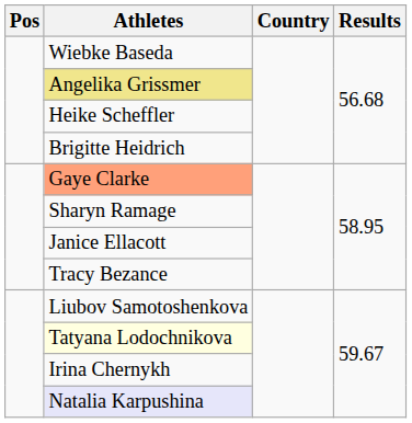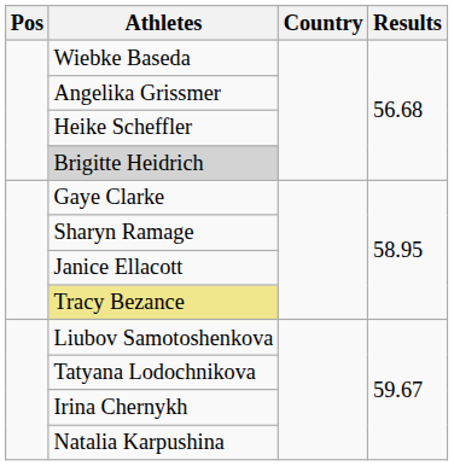 <table class="wikitable">
 <tr>
 <th>Pos</th>
 <th>Athletes</th>
 <th>Country</th>
 <th>Results</th>
 </tr>
 <tr>
 <td rowspan="4"></td>
 <td>Wiebke Baseda</td>
 <td rowspan="4"></td>
 <td rowspan="4">56.68</td>
 </tr>
 <tr>
-<td style="background: khaki;">Angelika Grissmer</td>
+<td>Angelika Grissmer</td>
 </tr>
 <tr>
 <td>Heike Scheffler</td>
 </tr>
 <tr>
-<td>Brigitte Heidrich</td>
+<td style="background: lightgrey;">Brigitte Heidrich</td>
 </tr>
 <tr>
 <td rowspan="4"></td>
-<td style="background: lightsalmon;">Gaye Clarke</td>
+<td>Gaye Clarke</td>
 <td rowspan="4"></td>
 <td rowspan="4">58.95</td>
 </tr>
 <tr>
 <td>Sharyn Ramage</td>
 </tr>
 <tr>
 <td>Janice Ellacott</td>
 </tr>
 <tr>
-<td>Tracy Bezance</td>
+<td style="background: khaki;">Tracy Bezance</td>
 </tr>
 <tr>
 <td rowspan="4"></td>
 <td>Liubov Samotoshenkova</td>
 <td rowspan="4"></td>
 <td rowspan="4">59.67</td>
 </tr>
 <tr>
-<td style="background: lightyellow;">Tatyana Lodochnikova</td>
+<td>Tatyana Lodochnikova</td>
 </tr>
 <tr>
 <td>Irina Chernykh</td>
 </tr>
 <tr>
-<td style="background: lavender;">Natalia Karpushina</td>
+<td>Natalia Karpushina</td>
 </tr>
 </table>
